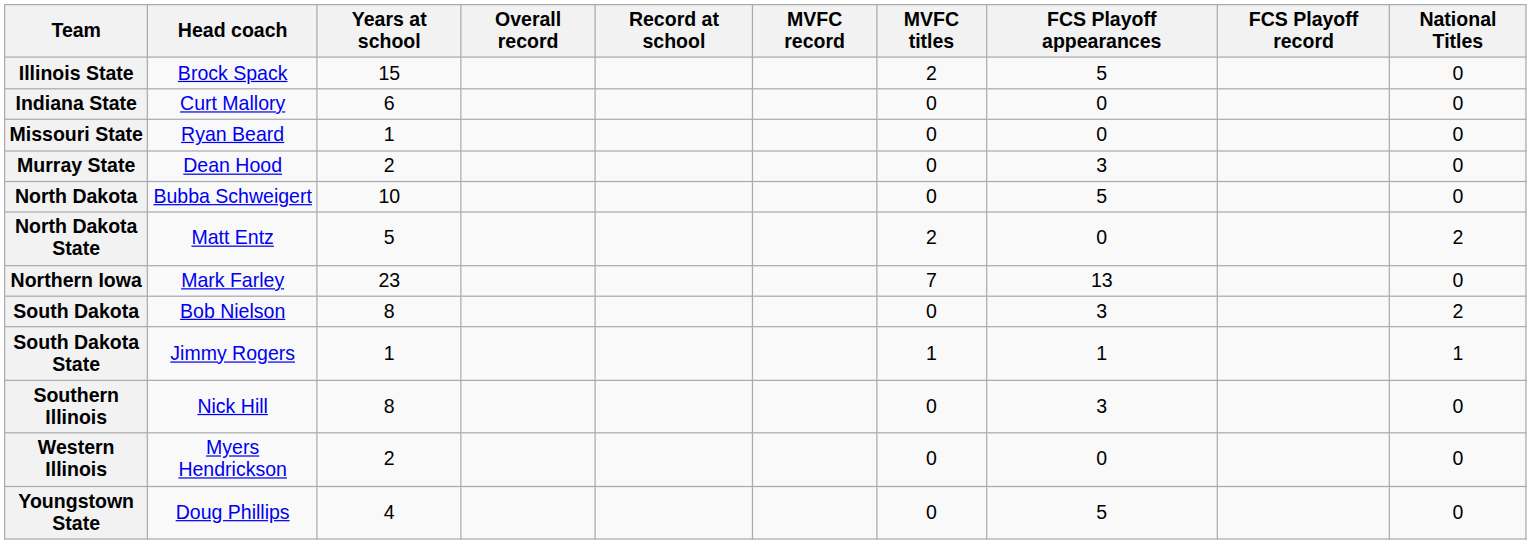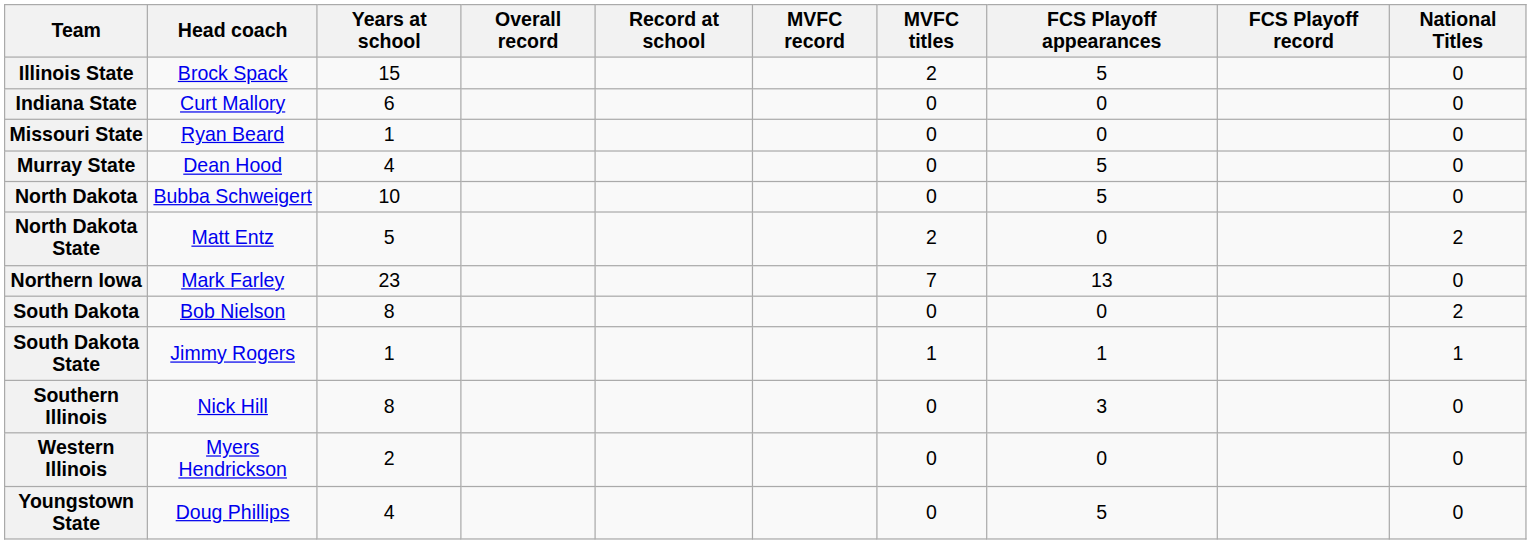 <table class="wikitable sortable" style="text-align: center;">
 <tr>
 <th width="110">Team</th>
 <th>Head coach</th>
 <th>Years at school</th>
 <th>Overall record</th>
 <th>Record at school</th>
 <th>MVFC record</th>
 <th>MVFC titles</th>
 <th>FCS Playoff appearances</th>
 <th>FCS Playoff record</th>
 <th>National Titles</th>
 </tr>
 <tr>
 <th>Illinois State</th>
 <td><a href='#'>Brock Spack</a></td>
 <td>15</td>
 <td data-sort-value=></td>
 <td data-sort-value=></td>
 <td data-sort-value=></td>
 <td>2</td>
 <td>5</td>
 <td data-sort-value=></td>
 <td>0</td>
 </tr>
 <tr>
 <th>Indiana State</th>
 <td><a href='#'>Curt Mallory</a></td>
 <td>6</td>
 <td data-sort-value=></td>
 <td data-sort-value=></td>
 <td data-sort-value=></td>
 <td>0</td>
 <td>0</td>
 <td data-sort-value=></td>
 <td>0</td>
 </tr>
 <tr>
 <th>Missouri State</th>
 <td><a href='#'>Ryan Beard</a></td>
 <td>1</td>
 <td data-sort-value=></td>
 <td data-sort-value=></td>
 <td data-sort-value=></td>
 <td>0</td>
 <td>0</td>
 <td data-sort-value=></td>
 <td>0</td>
 </tr>
 <tr>
 <th>Murray State</th>
 <td><a href='#'>Dean Hood</a></td>
-<td>2</td>
+<td>4</td>
 <td data-sort-value=></td>
 <td data-sort-value=></td>
 <td data-sort-value=></td>
 <td>0</td>
-<td>3</td>
+<td>5</td>
 <td data-sort-value=></td>
 <td>0</td>
 </tr>
 <tr>
 <th>North Dakota</th>
 <td><a href='#'>Bubba Schweigert</a></td>
 <td>10</td>
 <td data-sort-value=></td>
 <td data-sort-value=></td>
 <td data-sort-value=></td>
 <td>0</td>
 <td>5</td>
 <td data-sort-value=></td>
 <td>0</td>
 </tr>
 <tr>
 <th>North Dakota State</th>
 <td><a href='#'>Matt Entz</a></td>
 <td>5</td>
 <td data-sort-value=></td>
 <td data-sort-value=></td>
 <td data-sort-value=></td>
 <td>2</td>
 <td>0</td>
 <td data-sort-value=></td>
 <td>2</td>
 </tr>
 <tr>
 <th>Northern Iowa</th>
 <td><a href='#'>Mark Farley</a></td>
 <td>23</td>
 <td data-sort-value=></td>
 <td data-sort-value=></td>
 <td data-sort-value=></td>
 <td>7</td>
 <td>13</td>
 <td data-sort-value=></td>
 <td>0</td>
 </tr>
 <tr>
 <th>South Dakota</th>
 <td><a href='#'>Bob Nielson</a></td>
 <td>8</td>
 <td data-sort-value=></td>
 <td data-sort-value=></td>
 <td data-sort-value=></td>
 <td>0</td>
-<td>3</td>
+<td>0</td>
 <td data-sort-value=></td>
 <td>2</td>
 </tr>
 <tr>
 <th>South Dakota State</th>
 <td><a href='#'>Jimmy Rogers</a></td>
 <td>1</td>
 <td data-sort-value=></td>
 <td data-sort-value=></td>
 <td data-sort-value=></td>
 <td>1</td>
 <td>1</td>
 <td data-sort-value=></td>
 <td>1</td>
 </tr>
 <tr>
 <th>Southern Illinois</th>
 <td><a href='#'>Nick Hill</a></td>
 <td>8</td>
 <td data-sort-value=></td>
 <td data-sort-value=></td>
 <td data-sort-value=></td>
 <td>0</td>
 <td>3</td>
 <td data-sort-value=></td>
 <td>0</td>
 </tr>
 <tr>
 <th>Western Illinois</th>
 <td><a href='#'>Myers Hendrickson</a></td>
 <td>2</td>
 <td data-sort-value=></td>
 <td data-sort-value=></td>
 <td data-sort-value=></td>
 <td>0</td>
 <td>0</td>
 <td data-sort-value=></td>
 <td>0</td>
 </tr>
 <tr>
 <th>Youngstown State</th>
 <td><a href='#'>Doug Phillips</a></td>
 <td>4</td>
 <td data-sort-value=></td>
 <td data-sort-value=></td>
 <td data-sort-value=></td>
 <td>0</td>
 <td>5</td>
 <td data-sort-value=></td>
 <td>0</td>
 </tr>
 </table>
